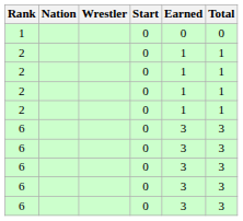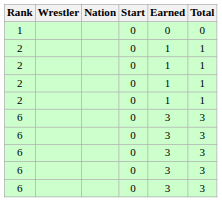 <table class="wikitable sortable" style="text-align:center;">
 <tr>
 <th>Rank</th>
+<th>Wrestler</th>
 <th>Nation</th>
-<th>Wrestler</th>
 <th>Start</th>
 <th>Earned</th>
 <th>Total</th>
 </tr>
 <tr style="background:#cfc;">
 <td>1</td>
 <td align=left></td>
 <td align=left></td>
 <td>0</td>
 <td>0</td>
 <td>0</td>
 </tr>
 <tr style="background:#cfc;">
 <td>2</td>
 <td align=left></td>
 <td align=left></td>
 <td>0</td>
 <td>1</td>
 <td>1</td>
 </tr>
 <tr style="background:#cfc;">
 <td>2</td>
 <td align=left></td>
 <td align=left></td>
 <td>0</td>
 <td>1</td>
 <td>1</td>
 </tr>
 <tr style="background:#cfc;">
 <td>2</td>
 <td align=left></td>
 <td align=left></td>
 <td>0</td>
 <td>1</td>
 <td>1</td>
 </tr>
 <tr style="background:#cfc;">
 <td>2</td>
 <td align=left></td>
 <td align=left></td>
 <td>0</td>
 <td>1</td>
 <td>1</td>
 </tr>
 <tr style="background:#cfc;">
 <td>6</td>
 <td align=left></td>
 <td align=left></td>
 <td>0</td>
 <td>3</td>
 <td>3</td>
 </tr>
 <tr style="background:#cfc;">
 <td>6</td>
 <td align=left></td>
 <td align=left></td>
 <td>0</td>
 <td>3</td>
 <td>3</td>
 </tr>
 <tr style="background:#cfc;">
 <td>6</td>
 <td align=left></td>
 <td align=left></td>
 <td>0</td>
 <td>3</td>
 <td>3</td>
 </tr>
 <tr style="background:#cfc;">
 <td>6</td>
 <td align=left></td>
 <td align=left></td>
 <td>0</td>
 <td>3</td>
 <td>3</td>
 </tr>
 <tr style="background:#cfc;">
 <td>6</td>
 <td align=left></td>
 <td align=left></td>
 <td>0</td>
 <td>3</td>
 <td>3</td>
 </tr>
 </table>
